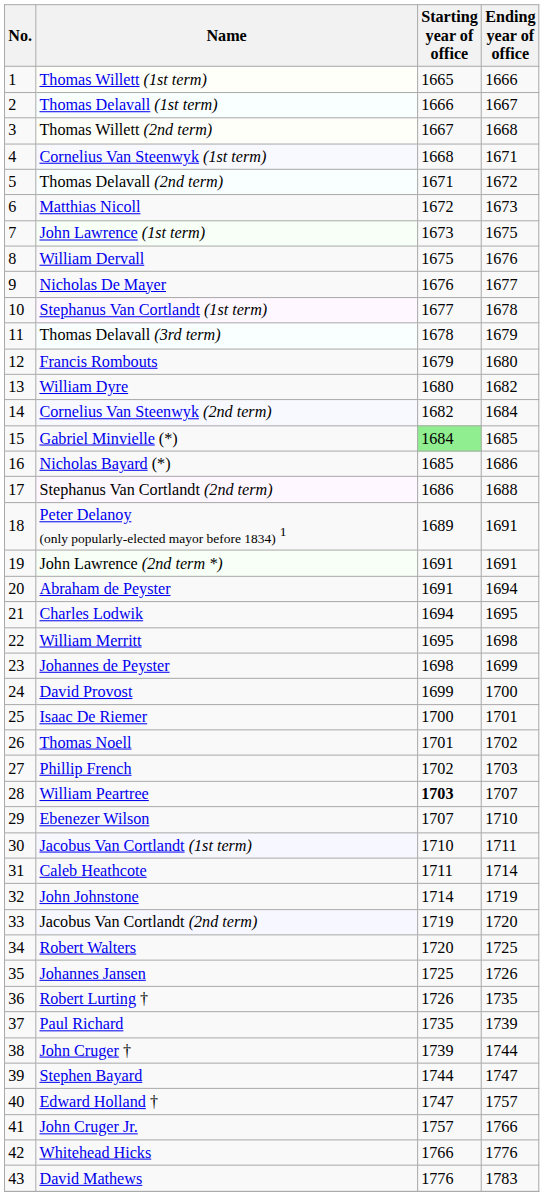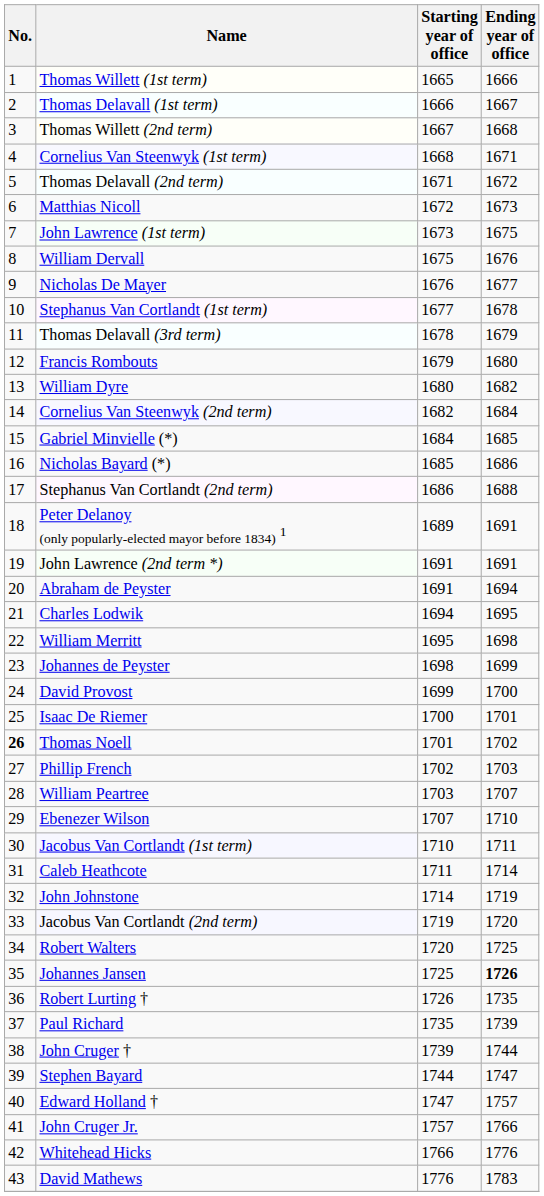 <table class="wikitable" style="float:left; width:60%">
 <tr>
 <th width="5%">No.</th>
 <th style-"width:60%">Name</th>
 <th style="width:10%;">Starting year of office</th>
 <th style="width:10%">Ending year of office</th>
 </tr>
 <tr>
 <td>1</td>
 <td bgcolor=#fffff9><a href='#'>Thomas Willett</a> <em>(1st term)</em></td>
 <td>1665</td>
 <td>1666</td>
 </tr>
 <tr>
 <td>2</td>
 <td bgcolor=#f9ffff><a href='#'>Thomas Delavall</a> <em>(1st term)</em></td>
 <td>1666</td>
 <td>1667</td>
 </tr>
 <tr>
 <td>3</td>
 <td bgcolor=#fffff9>Thomas Willett <em>(2nd term)</em></td>
 <td>1667</td>
 <td>1668</td>
 </tr>
 <tr>
 <td>4</td>
 <td style="background:ghostwhite"><a href='#'>Cornelius Van Steenwyk</a> <em>(1st term)</em></td>
 <td>1668</td>
 <td>1671</td>
 </tr>
 <tr>
 <td>5</td>
 <td bgcolor=#f9ffff>Thomas Delavall <em>(2nd term)</em></td>
 <td>1671</td>
 <td>1672</td>
 </tr>
 <tr>
 <td>6</td>
 <td><a href='#'>Matthias Nicoll</a></td>
 <td>1672</td>
 <td>1673</td>
 </tr>
 <tr>
 <td>7</td>
 <td bgcolor=#f7fff7><a href='#'>John Lawrence</a> <em>(1st term)</em></td>
 <td>1673</td>
 <td>1675</td>
 </tr>
 <tr>
 <td>8</td>
 <td><a href='#'>William Dervall</a></td>
 <td>1675</td>
 <td>1676</td>
 </tr>
 <tr>
 <td>9</td>
 <td><a href='#'>Nicholas De Mayer</a></td>
 <td>1676</td>
 <td>1677</td>
 </tr>
 <tr>
 <td>10</td>
 <td bgcolor=#fff7ff><a href='#'>Stephanus Van Cortlandt</a> <em>(1st term)</em></td>
 <td>1677</td>
 <td>1678</td>
 </tr>
 <tr>
 <td>11</td>
 <td bgcolor=#f9ffff>Thomas Delavall <em>(3rd term)</em></td>
 <td>1678</td>
 <td>1679</td>
 </tr>
 <tr>
 <td>12</td>
 <td><a href='#'>Francis Rombouts</a></td>
 <td>1679</td>
 <td>1680</td>
 </tr>
 <tr>
 <td>13</td>
 <td><a href='#'>William Dyre</a></td>
 <td>1680</td>
 <td>1682</td>
 </tr>
 <tr>
 <td>14</td>
 <td style="background:ghostwhite"><a href='#'>Cornelius Van Steenwyk</a> <em>(2nd term)</em></td>
 <td>1682</td>
 <td>1684</td>
 </tr>
 <tr>
 <td>15</td>
 <td><a href='#'>Gabriel Minvielle</a> (*)</td>
-<td style="background: lightgreen;">1684</td>
+<td>1684</td>
 <td>1685</td>
 </tr>
 <tr>
 <td>16</td>
 <td><a href='#'>Nicholas Bayard</a> (*)</td>
 <td>1685</td>
 <td>1686</td>
 </tr>
 <tr>
 <td>17</td>
 <td bgcolor=#fff7ff>Stephanus Van Cortlandt <em>(2nd term)</em></td>
 <td>1686</td>
 <td>1688</td>
 </tr>
 <tr>
 <td>18</td>
 <td><a href='#'>Peter Delanoy</a> <br> <small>(only popularly-elected mayor before 1834)</small> <sup>1</sup></td>
 <td>1689</td>
 <td>1691</td>
 </tr>
 <tr>
 <td>19</td>
 <td bgcolor=#f7fff7>John Lawrence <em>(2nd term *)</em></td>
 <td>1691</td>
 <td>1691</td>
 </tr>
 <tr>
 <td>20</td>
 <td><a href='#'>Abraham de Peyster</a></td>
 <td>1691</td>
 <td>1694</td>
 </tr>
 <tr>
 <td>21</td>
 <td><a href='#'>Charles Lodwik</a></td>
 <td>1694</td>
 <td>1695</td>
 </tr>
 <tr>
 <td>22</td>
 <td><a href='#'>William Merritt</a></td>
 <td>1695</td>
 <td>1698</td>
 </tr>
 <tr>
 <td>23</td>
 <td><a href='#'>Johannes de Peyster</a></td>
 <td>1698</td>
 <td>1699</td>
 </tr>
 <tr>
 <td>24</td>
 <td><a href='#'>David Provost</a></td>
 <td>1699</td>
 <td>1700</td>
 </tr>
 <tr>
 <td>25</td>
 <td><a href='#'>Isaac De Riemer</a></td>
 <td>1700</td>
 <td>1701</td>
 </tr>
 <tr>
-<td>26</td>
+<td><strong>26</strong></td>
 <td><a href='#'>Thomas Noell</a></td>
 <td>1701</td>
 <td>1702</td>
 </tr>
 <tr>
 <td>27</td>
 <td><a href='#'>Phillip French</a></td>
 <td>1702</td>
 <td>1703</td>
 </tr>
 <tr>
 <td>28</td>
 <td><a href='#'>William Peartree</a></td>
-<td><strong>1703</strong></td>
+<td>1703</td>
 <td>1707</td>
 </tr>
 <tr>
 <td>29</td>
 <td><a href='#'>Ebenezer Wilson</a></td>
 <td>1707</td>
 <td>1710</td>
 </tr>
 <tr>
 <td>30</td>
 <td bgcolor=#f7f7ff><a href='#'>Jacobus Van Cortlandt</a> <em>(1st term)</em></td>
 <td>1710</td>
 <td>1711</td>
 </tr>
 <tr>
 <td>31</td>
 <td><a href='#'>Caleb Heathcote</a></td>
 <td>1711</td>
 <td>1714</td>
 </tr>
 <tr>
 <td>32</td>
 <td><a href='#'>John Johnstone</a></td>
 <td>1714</td>
 <td>1719</td>
 </tr>
 <tr>
 <td>33</td>
 <td bgcolor=#f7f7ff>Jacobus Van Cortlandt <em>(2nd term)</em></td>
 <td>1719</td>
 <td>1720</td>
 </tr>
 <tr>
 <td>34</td>
 <td><a href='#'>Robert Walters</a></td>
 <td>1720</td>
 <td>1725</td>
 </tr>
 <tr>
 <td>35</td>
 <td><a href='#'>Johannes Jansen</a></td>
 <td>1725</td>
-<td>1726</td>
+<td><strong>1726</strong></td>
 </tr>
 <tr>
 <td>36</td>
 <td><a href='#'>Robert Lurting</a> †</td>
 <td>1726</td>
 <td>1735</td>
 </tr>
 <tr>
 <td>37</td>
 <td><a href='#'>Paul Richard</a></td>
 <td>1735</td>
 <td>1739</td>
 </tr>
 <tr>
 <td>38</td>
 <td><a href='#'>John Cruger</a> †</td>
 <td>1739</td>
 <td>1744</td>
 </tr>
 <tr>
 <td>39</td>
 <td><a href='#'>Stephen Bayard</a></td>
 <td>1744</td>
 <td>1747</td>
 </tr>
 <tr>
 <td>40</td>
 <td><a href='#'>Edward Holland</a> †</td>
 <td>1747</td>
 <td>1757</td>
 </tr>
 <tr>
 <td>41</td>
 <td><a href='#'>John Cruger Jr.</a></td>
 <td>1757</td>
 <td>1766</td>
 </tr>
 <tr>
 <td>42</td>
 <td><a href='#'>Whitehead Hicks</a></td>
 <td>1766</td>
 <td>1776</td>
 </tr>
 <tr>
 <td>43</td>
 <td><a href='#'>David Mathews</a></td>
 <td>1776</td>
 <td>1783</td>
 </tr>
 <tr>
 </tr>
 </table>
